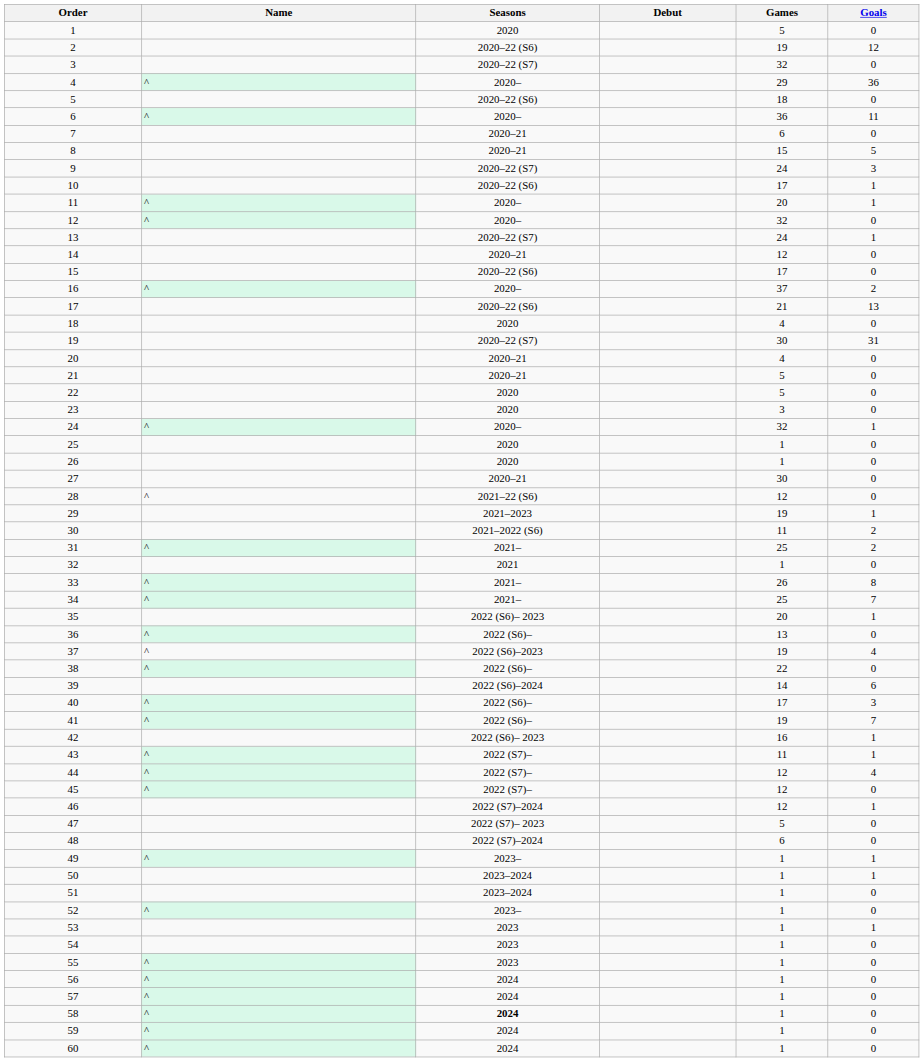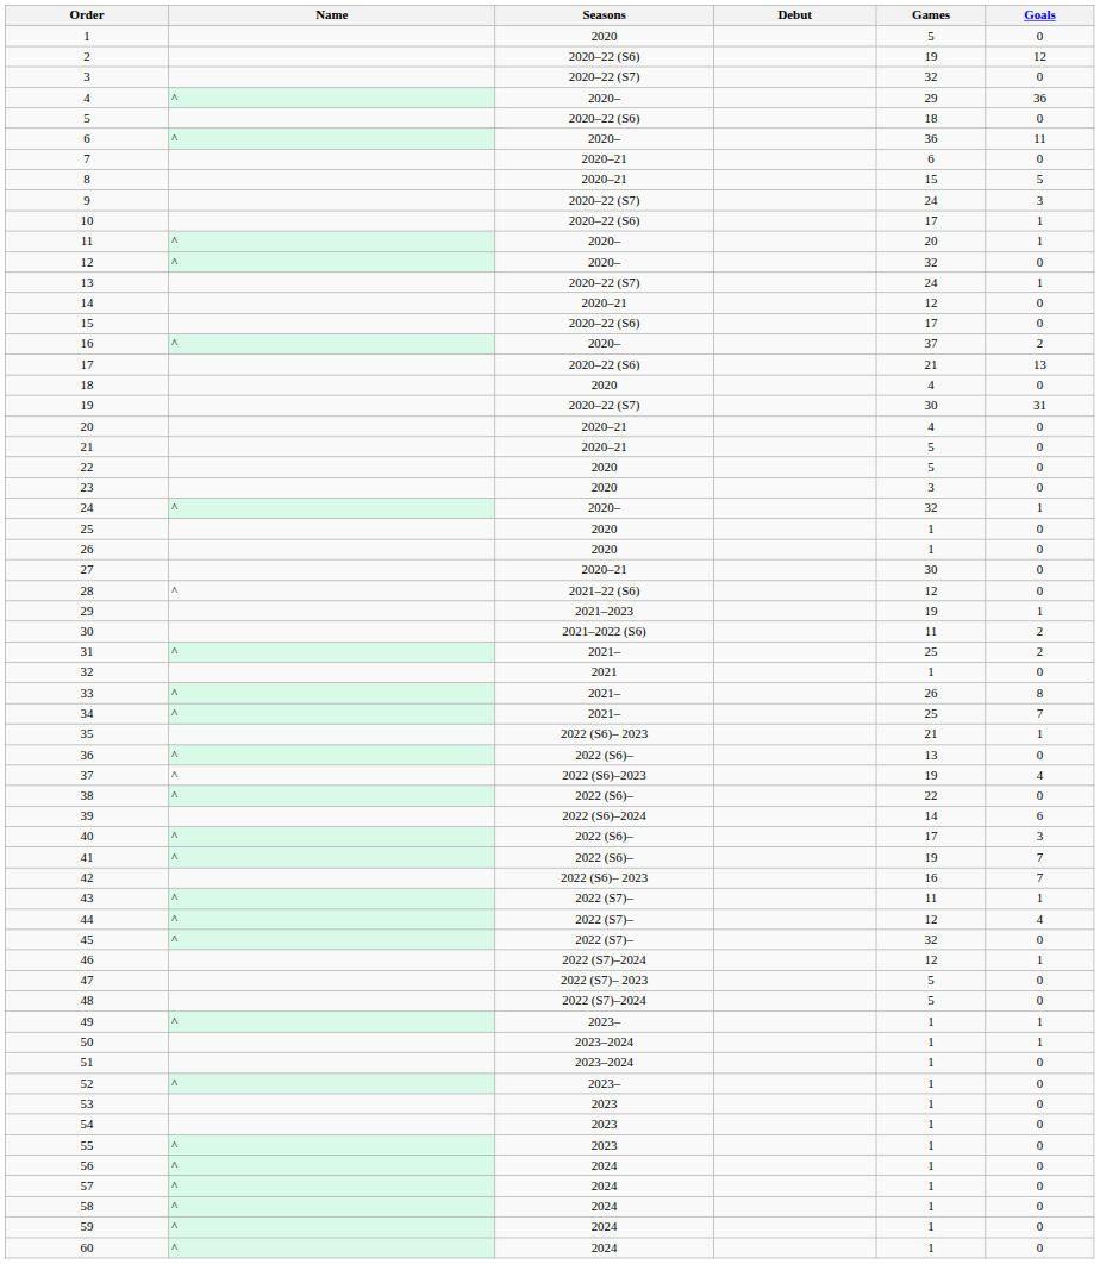 <table class="wikitable sortable" style="text-align:center; width:85%;">
 <tr>
 <th style="width=10%">Order</th>
 <th style="width:30%">Name</th>
 <th style="width:20%">Seasons</th>
 <th style="width:15%">Debut</th>
 <th style="width:10%">Games</th>
 <th style="width:10%"><a href='#'>Goals</a></th>
 </tr>
 <tr>
 <td>1</td>
 <td style="text-align:left;"></td>
 <td>2020</td>
 <td></td>
 <td>5</td>
 <td>0</td>
 </tr>
 <tr>
 <td>2</td>
 <td style="text-align:left;"></td>
 <td>2020–22 (S6)</td>
 <td></td>
 <td>19</td>
 <td>12</td>
 </tr>
 <tr>
 <td>3</td>
 <td style="text-align:left;"></td>
 <td>2020–22 (S7)</td>
 <td></td>
 <td>32</td>
 <td>0</td>
 </tr>
 <tr>
 <td>4</td>
 <td style="text-align:left; background:#d9f9e9">^</td>
 <td>2020–</td>
 <td></td>
 <td>29</td>
 <td>36</td>
 </tr>
 <tr>
 <td>5</td>
 <td style="text-align:left;"></td>
 <td>2020–22 (S6)</td>
 <td></td>
 <td>18</td>
 <td>0</td>
 </tr>
 <tr>
 <td>6</td>
 <td style="text-align:left; background:#d9f9e9">^</td>
 <td>2020–</td>
 <td></td>
 <td>36</td>
 <td>11</td>
 </tr>
 <tr>
 <td>7</td>
 <td style="text-align:left;"></td>
 <td>2020–21</td>
 <td></td>
 <td>6</td>
 <td>0</td>
 </tr>
 <tr>
 <td>8</td>
 <td style="text-align:left;"></td>
 <td>2020–21</td>
 <td></td>
 <td>15</td>
 <td>5</td>
 </tr>
 <tr>
 <td>9</td>
 <td style="text-align:left;"></td>
 <td>2020–22 (S7)</td>
 <td></td>
 <td>24</td>
 <td>3</td>
 </tr>
 <tr>
 <td>10</td>
 <td style="text-align:left;"></td>
 <td>2020–22 (S6)</td>
 <td></td>
 <td>17</td>
 <td>1</td>
 </tr>
 <tr>
 <td>11</td>
 <td style="text-align:left; background:#d9f9e9">^</td>
 <td>2020–</td>
 <td></td>
 <td>20</td>
 <td>1</td>
 </tr>
 <tr>
 <td>12</td>
 <td style="text-align:left; background:#d9f9e9">^</td>
 <td>2020–</td>
 <td></td>
 <td>32</td>
 <td>0</td>
 </tr>
 <tr>
 <td>13</td>
 <td style="text-align:left;"></td>
 <td>2020–22 (S7)</td>
 <td></td>
 <td>24</td>
 <td>1</td>
 </tr>
 <tr>
 <td>14</td>
 <td style="text-align:left;"></td>
 <td>2020–21</td>
 <td></td>
 <td>12</td>
 <td>0</td>
 </tr>
 <tr>
 <td>15</td>
 <td style="text-align:left;"></td>
 <td>2020–22 (S6)</td>
 <td></td>
 <td>17</td>
 <td>0</td>
 </tr>
 <tr>
 <td>16</td>
 <td style="text-align:left; background:#d9f9e9">^</td>
 <td>2020–</td>
 <td></td>
 <td>37</td>
 <td>2</td>
 </tr>
 <tr>
 <td>17</td>
 <td style="text-align:left;"></td>
 <td>2020–22 (S6)</td>
 <td></td>
 <td>21</td>
 <td>13</td>
 </tr>
 <tr>
 <td>18</td>
 <td style="text-align:left;"></td>
 <td>2020</td>
 <td></td>
 <td>4</td>
 <td>0</td>
 </tr>
 <tr>
 <td>19</td>
 <td style="text-align:left;"></td>
 <td>2020–22 (S7)</td>
 <td></td>
 <td>30</td>
 <td>31</td>
 </tr>
 <tr>
 <td>20</td>
 <td style="text-align:left;"></td>
 <td>2020–21</td>
 <td></td>
 <td>4</td>
 <td>0</td>
 </tr>
 <tr>
 <td>21</td>
 <td style="text-align:left;"></td>
 <td>2020–21</td>
 <td></td>
 <td>5</td>
 <td>0</td>
 </tr>
 <tr>
 <td>22</td>
 <td style="text-align:left;"></td>
 <td>2020</td>
 <td></td>
 <td>5</td>
 <td>0</td>
 </tr>
 <tr>
 <td>23</td>
 <td style="text-align:left;"></td>
 <td>2020</td>
 <td></td>
 <td>3</td>
 <td>0</td>
 </tr>
 <tr>
 <td>24</td>
 <td style="text-align:left; background:#d9f9e9">^</td>
 <td>2020–</td>
 <td></td>
 <td>32</td>
 <td>1</td>
 </tr>
 <tr>
 <td>25</td>
 <td style="text-align:left;"></td>
 <td>2020</td>
 <td></td>
 <td>1</td>
 <td>0</td>
 </tr>
 <tr>
 <td>26</td>
 <td style="text-align:left;"></td>
 <td>2020</td>
 <td></td>
 <td>1</td>
 <td>0</td>
 </tr>
 <tr>
 <td>27</td>
 <td style="text-align:left;"></td>
 <td>2020–21</td>
 <td></td>
 <td>30</td>
 <td>0</td>
 </tr>
 <tr>
 <td>28</td>
 <td style="text-align:left;">^</td>
 <td>2021–22 (S6)</td>
 <td></td>
 <td>12</td>
 <td>0</td>
 </tr>
 <tr>
 <td>29</td>
 <td style="text-align:left;"></td>
 <td>2021–2023</td>
 <td></td>
 <td>19</td>
 <td>1</td>
 </tr>
 <tr>
 <td>30</td>
 <td style="text-align:left;"></td>
 <td>2021–2022 (S6)</td>
 <td></td>
 <td>11</td>
 <td>2</td>
 </tr>
 <tr>
 <td>31</td>
 <td style="text-align:left; background:#d9f9e9">^</td>
 <td>2021–</td>
 <td></td>
 <td>25</td>
 <td>2</td>
 </tr>
 <tr>
 <td>32</td>
 <td style="text-align:left;"></td>
 <td>2021</td>
 <td></td>
 <td>1</td>
 <td>0</td>
 </tr>
 <tr>
 <td>33</td>
 <td style="text-align:left; background:#d9f9e9">^</td>
 <td>2021–</td>
 <td></td>
 <td>26</td>
 <td>8</td>
 </tr>
 <tr>
 <td>34</td>
 <td style="text-align:left; background:#d9f9e9">^</td>
 <td>2021–</td>
 <td></td>
 <td>25</td>
 <td>7</td>
 </tr>
 <tr>
 <td>35</td>
 <td style="text-align:left"></td>
 <td>2022 (S6)– 2023</td>
 <td></td>
-<td>20</td>
+<td>21</td>
 <td>1</td>
 </tr>
 <tr>
 <td>36</td>
 <td style="text-align:left; background:#d9f9e9">^</td>
 <td>2022 (S6)–</td>
 <td></td>
 <td>13</td>
 <td>0</td>
 </tr>
 <tr>
 <td>37</td>
 <td style="text-align:left">^</td>
 <td>2022 (S6)–2023</td>
 <td></td>
 <td>19</td>
 <td>4</td>
 </tr>
 <tr>
 <td>38</td>
 <td style="text-align:left; background:#d9f9e9">^</td>
 <td>2022 (S6)–</td>
 <td></td>
 <td>22</td>
 <td>0</td>
 </tr>
 <tr>
 <td>39</td>
 <td style="text-align:left;"></td>
 <td>2022 (S6)–2024</td>
 <td></td>
 <td>14</td>
 <td>6</td>
 </tr>
 <tr>
 <td>40</td>
 <td style="text-align:left; background:#d9f9e9">^</td>
 <td>2022 (S6)–</td>
 <td></td>
 <td>17</td>
 <td>3</td>
 </tr>
 <tr>
 <td>41</td>
 <td style="text-align:left; background:#d9f9e9">^</td>
 <td>2022 (S6)–</td>
 <td></td>
 <td>19</td>
 <td>7</td>
 </tr>
 <tr>
 <td>42</td>
 <td style="text-align:left;"></td>
 <td>2022 (S6)– 2023</td>
 <td></td>
 <td>16</td>
-<td>1</td>
+<td>7</td>
 </tr>
 <tr>
 <td>43</td>
 <td style="text-align:left; background:#d9f9e9">^</td>
 <td>2022 (S7)–</td>
 <td></td>
 <td>11</td>
 <td>1</td>
 </tr>
 <tr>
 <td>44</td>
 <td style="text-align:left; background:#d9f9e9">^</td>
 <td>2022 (S7)–</td>
 <td></td>
 <td>12</td>
 <td>4</td>
 </tr>
 <tr>
 <td>45</td>
 <td style="text-align:left; background:#d9f9e9">^</td>
 <td>2022 (S7)–</td>
 <td></td>
-<td>12</td>
+<td>32</td>
 <td>0</td>
 </tr>
 <tr>
 <td>46</td>
 <td style="text-align:left;"></td>
 <td>2022 (S7)–2024</td>
 <td></td>
 <td>12</td>
 <td>1</td>
 </tr>
 <tr>
 <td>47</td>
 <td style="text-align:left"></td>
 <td>2022 (S7)– 2023</td>
 <td></td>
 <td>5</td>
 <td>0</td>
 </tr>
 <tr>
 <td>48</td>
 <td style="text-align:left;"></td>
 <td>2022 (S7)–2024</td>
 <td></td>
-<td>6</td>
+<td>5</td>
 <td>0</td>
 </tr>
 <tr>
 <td>49</td>
 <td style="text-align:left; background:#d9f9e9">^</td>
 <td>2023–</td>
 <td></td>
 <td>1</td>
 <td>1</td>
 </tr>
 <tr>
 <td>50</td>
 <td style="text-align:left;"></td>
 <td>2023–2024</td>
 <td></td>
 <td>1</td>
 <td>1</td>
 </tr>
 <tr>
 <td>51</td>
 <td style="text-align:left;"></td>
 <td>2023–2024</td>
 <td></td>
 <td>1</td>
 <td>0</td>
 </tr>
 <tr>
 <td>52</td>
 <td style="text-align:left; background:#d9f9e9">^</td>
 <td>2023–</td>
 <td></td>
 <td>1</td>
 <td>0</td>
 </tr>
 <tr>
 <td>53</td>
 <td style="text-align:left;"></td>
 <td>2023</td>
 <td></td>
 <td>1</td>
-<td>1</td>
+<td>0</td>
 </tr>
 <tr>
 <td>54</td>
 <td style="text-align:left;"></td>
 <td>2023</td>
 <td></td>
 <td>1</td>
 <td>0</td>
 </tr>
 <tr>
 <td>55</td>
 <td style="text-align:left; background:#d9f9e9">^</td>
 <td>2023</td>
 <td></td>
 <td>1</td>
 <td>0</td>
 </tr>
 <tr>
 <td>56</td>
 <td style="text-align:left; background:#d9f9e9">^</td>
 <td>2024</td>
 <td></td>
 <td>1</td>
 <td>0</td>
 </tr>
 <tr>
 <td>57</td>
 <td style="text-align:left; background:#d9f9e9">^</td>
 <td>2024</td>
 <td></td>
 <td>1</td>
 <td>0</td>
 </tr>
 <tr>
 <td>58</td>
 <td style="text-align:left; background:#d9f9e9">^</td>
-<td><strong>2024</strong></td>
+<td>2024</td>
 <td></td>
 <td>1</td>
 <td>0</td>
 </tr>
 <tr>
 <td>59</td>
 <td style="text-align:left; background:#d9f9e9">^</td>
 <td>2024</td>
 <td></td>
 <td>1</td>
 <td>0</td>
 </tr>
 <tr>
 <td>60</td>
 <td style="text-align:left; background:#d9f9e9">^</td>
 <td>2024</td>
 <td></td>
 <td>1</td>
 <td>0</td>
 </tr>
 </table>
